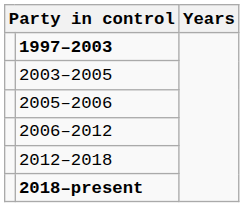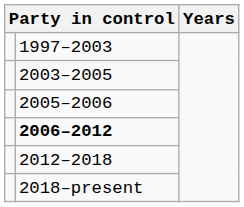 <table class="wikitable">
 <tr>
 <th colspan="2">Party in control</th>
 <th>Years</th>
 </tr>
 <tr>
 <td></td>
-<td><strong>1997–2003</strong></td>
+<td>1997–2003</td>
 </tr>
 <tr>
 <td></td>
 <td>2003–2005</td>
 </tr>
 <tr>
 <td></td>
 <td>2005–2006</td>
 </tr>
 <tr>
 <td></td>
-<td>2006–2012</td>
+<td><strong>2006–2012</strong></td>
 </tr>
 <tr>
 <td></td>
 <td>2012–2018</td>
 </tr>
 <tr>
 <td></td>
-<td><strong>2018–present</strong></td>
+<td>2018–present</td>
 </tr>
 </table>
